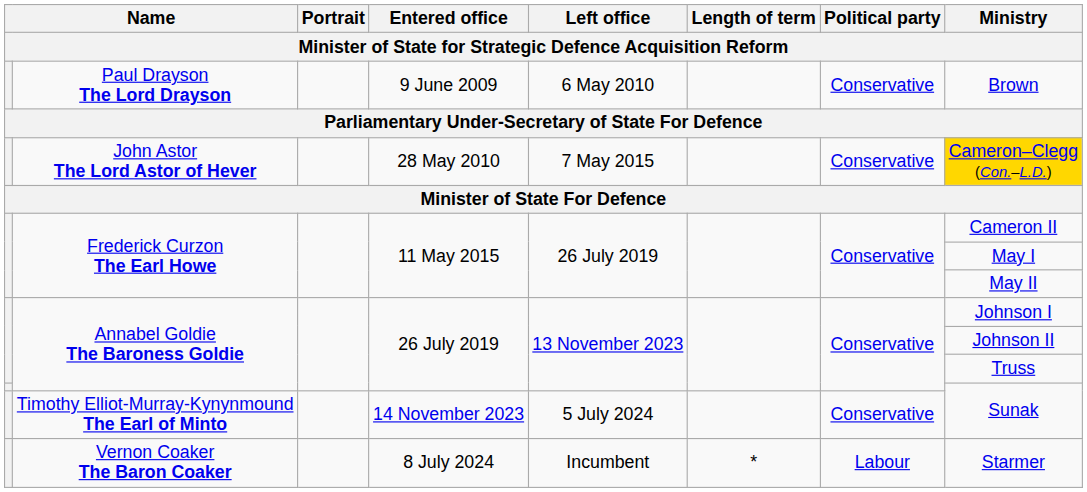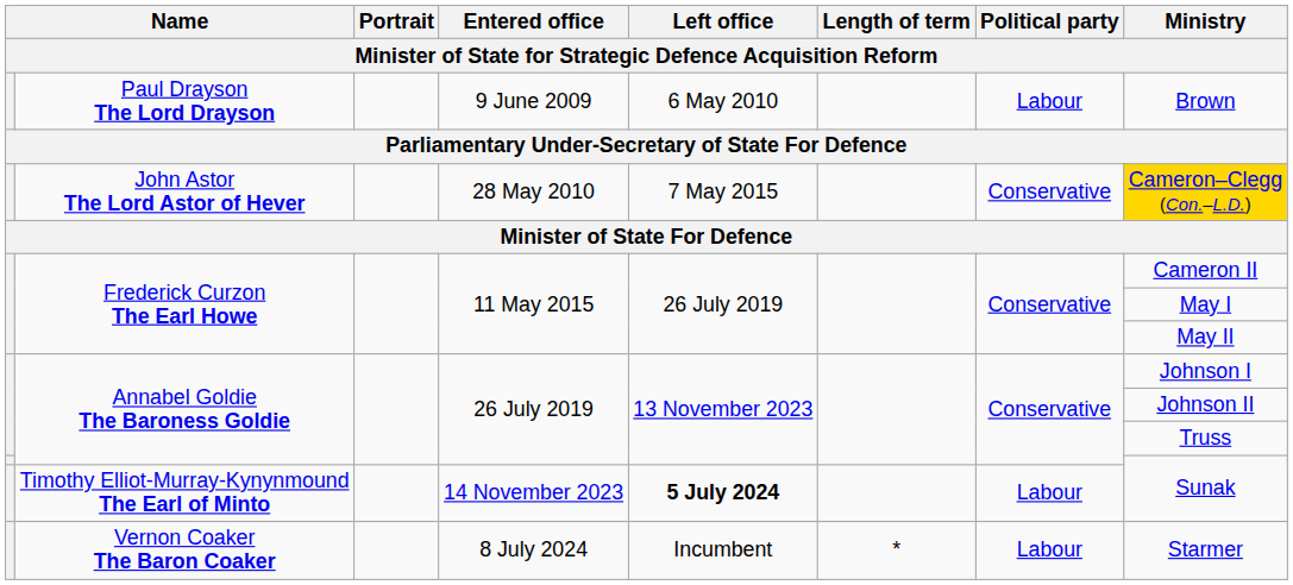 <table class="wikitable" style="text-align:center">
 <tr>
 <th colspan=2>Name</th>
 <th>Portrait</th>
 <th>Entered office</th>
 <th>Left office</th>
 <th>Length of term</th>
 <th>Political party</th>
 <th>Ministry</th>
 </tr>
 <tr>
 <th colspan=99>Minister of State for Strategic Defence Acquisition Reform</th>
 </tr>
 <tr>
 <th style="background-color: "></th>
 <td><a href='#'>Paul Drayson<br> <strong>The Lord Drayson</strong></a></td>
 <td></td>
 <td>9 June 2009</td>
 <td>6 May 2010</td>
 <td></td>
-<td><a href='#'>Conservative</a></td>
+<td><a href='#'>Labour</a></td>
 <td><a href='#'>Brown</a></td>
 </tr>
 <tr>
 <th colspan=99>Parliamentary Under-Secretary of State For Defence</th>
 </tr>
 <tr>
 <th style="background-color: "></th>
 <td><a href='#'>John Astor<br> <strong>The Lord Astor of Hever</strong></a></td>
 <td></td>
 <td>28 May 2010</td>
 <td>7 May 2015</td>
 <td></td>
 <td><a href='#'>Conservative</a></td>
 <td style="background: gold;"><a href='#'>Cameron–Clegg</a><br><small>(<em><a href='#'>Con.</a>–<a href='#'>L.D.</a></em>)</small></td>
 </tr>
 <tr>
 <th colspan=99>Minister of State For Defence</th>
 </tr>
 <tr>
 <th rowspan=3 style="background-color: "></th>
 <td rowspan=3><a href='#'>Frederick Curzon<br> <strong>The Earl Howe</strong></a></td>
 <td rowspan=3></td>
 <td rowspan=3>11 May 2015</td>
 <td rowspan=3>26 July 2019</td>
 <td rowspan=3></td>
 <td rowspan=3 ><a href='#'>Conservative</a></td>
 <td><a href='#'>Cameron II</a></td>
 </tr>
 <tr>
 <td><a href='#'>May I</a></td>
 </tr>
 <tr>
 <td><a href='#'>May II</a></td>
 </tr>
 <tr>
 <th rowspan=3 style="background-color: "></th>
 <td rowspan=4><a href='#'>Annabel Goldie<br> <strong>The Baroness Goldie</strong></a></td>
 <td rowspan=4></td>
 <td rowspan=4>26 July 2019</td>
 <td rowspan=4><a href='#'>13 November 2023</a></td>
 <td rowspan=4></td>
 <td rowspan=4 ><a href='#'>Conservative</a></td>
 <td><a href='#'>Johnson I</a></td>
 </tr>
 <tr>
 <td><a href='#'>Johnson II</a></td>
 </tr>
 <tr>
 <td><a href='#'>Truss</a></td>
 </tr>
 <tr>
 <th style="background-color: "></th>
 <td rowspan=2  ><a href='#'>Sunak</a></td>
 </tr>
 <tr>
 <th style="background-color: "></th>
 <td><a href='#'>Timothy Elliot-Murray-Kynynmound<br><strong>The Earl of Minto</strong></a></td>
 <td></td>
 <td><a href='#'>14 November 2023</a></td>
-<td>5 July 2024</td>
+<td><strong>5 July 2024</strong></td>
 <td></td>
-<td><a href='#'>Conservative</a></td>
+<td><a href='#'>Labour</a></td>
 </tr>
 <tr>
 <th style="background-color: "></th>
 <td><a href='#'>Vernon Coaker<br><strong>The Baron Coaker</strong></a></td>
 <td></td>
 <td>8 July 2024</td>
 <td>Incumbent</td>
 <td>*</td>
 <td><a href='#'>Labour</a></td>
 <td><a href='#'>Starmer</a></td>
 </tr>
 </table>
